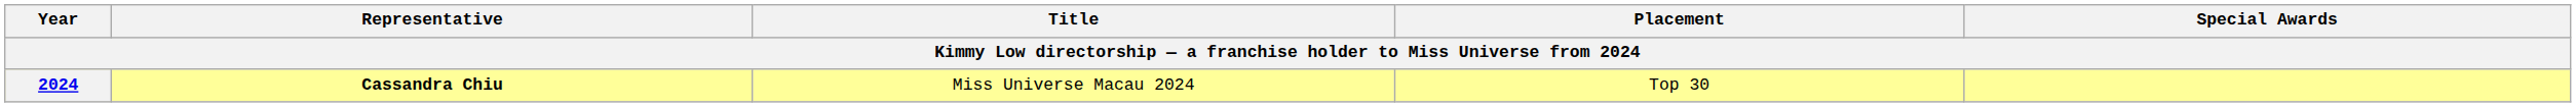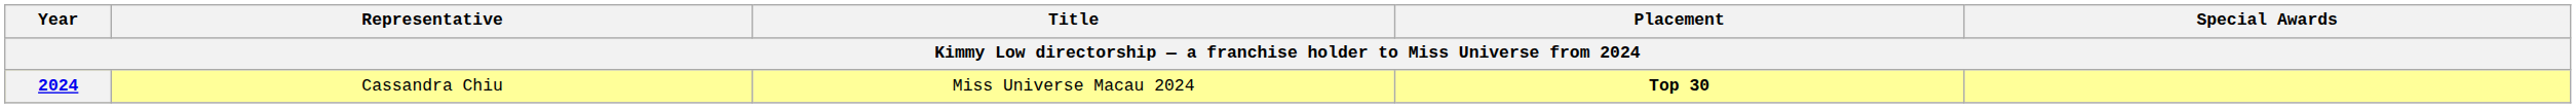 <table class="wikitable" style="text-align:center; font-size:90%; line-height:17px; width:90%;">
 <tr>
 <th style="width:03%;" scope="col">Year</th>
 <th style="width:18%;" scope="col">Representative</th>
 <th style="width:18%;" scope="col">Title</th>
 <th style="width:16%;" scope="col">Placement</th>
 <th style="width:17%;" scope="col">Special Awards</th>
 </tr>
 <tr>
 <th colspan="6">Kimmy Low directorship — a franchise holder to Miss Universe from 2024</th>
 </tr>
 <tr style="background-color:#FFFF99; ">
 <th><a href='#'>2024</a></th>
-<td><strong>Cassandra Chiu</strong></td>
+<td>Cassandra Chiu</td>
 <td>Miss Universe Macau 2024</td>
-<td>Top 30</td>
+<td><strong>Top 30</strong></td>
 <td></td>
 </tr>
 </table>
